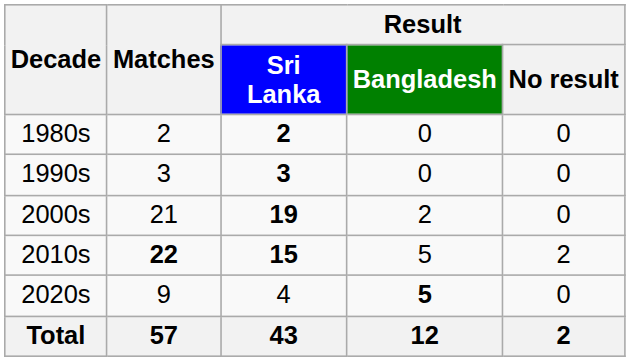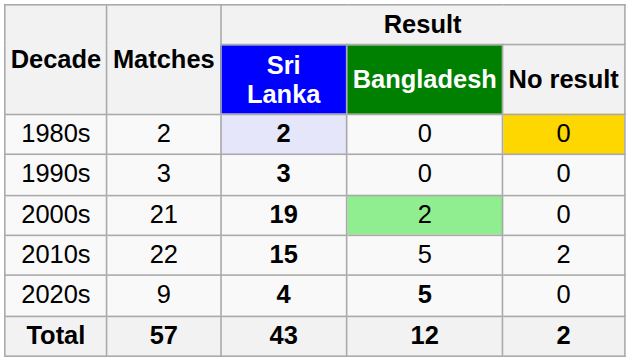 <table class="wikitable">
 <tr>
 <th rowspan=2>Decade</th>
 <th rowspan=2>Matches</th>
 <th colspan=3>Result</th>
 </tr>
 <tr>
 <th style="background: 	blue	;color:white; width:4.5em;">Sri Lanka</th>
 <th style="background: 	green	;color:white; width:4.5em;">Bangladesh</th>
 <th>No result</th>
 </tr>
 <tr>
 <td align="center">1980s</td>
 <td align="center">2</td>
-<td align="center"><strong>2</strong></td>
+<td align="center" style="background: lavender;"><strong>2</strong></td>
 <td align="center">0</td>
-<td align="center">0</td>
+<td align="center" style="background: gold;">0</td>
 </tr>
 <tr>
 <td align="center">1990s</td>
 <td align="center">3</td>
 <td align="center"><strong>3</strong></td>
 <td align="center">0</td>
 <td align="center">0</td>
 </tr>
 <tr>
 <td align="center">2000s</td>
 <td align="center">21</td>
 <td align="center"><strong>19</strong></td>
-<td align="center">2</td>
+<td align="center" style="background: lightgreen;">2</td>
 <td align="center">0</td>
 </tr>
 <tr>
 <td align="center">2010s</td>
-<td align="center"><strong>22</strong></td>
+<td align="center">22</td>
 <td align="center"><strong>15</strong></td>
 <td align="center">5</td>
 <td align="center">2</td>
 </tr>
 <tr>
 <td align="center">2020s</td>
 <td align="center">9</td>
-<td align="center">4</td>
+<td align="center"><strong>4</strong></td>
 <td align="center"><strong>5</strong></td>
 <td align="center">0</td>
 </tr>
 <tr>
 <th>Total</th>
 <th>57</th>
 <th>43</th>
 <th>12</th>
 <th>2</th>
 </tr>
 </table>
